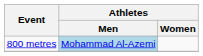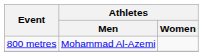 <table class=wikitable style="font-size:90%">
 <tr>
 <th rowspan=2>Event</th>
 <th colspan=2>Athletes</th>
 </tr>
 <tr>
 <th>Men</th>
 <th>Women</th>
 </tr>
 <tr>
 <td><a href='#'>800 metres</a></td>
-<td style="background: lightblue;"><a href='#'>Mohammad Al-Azemi</a></td>
+<td><a href='#'>Mohammad Al-Azemi</a></td>
 <td></td>
 </tr>
 <tr>
 </tr>
 </table>
